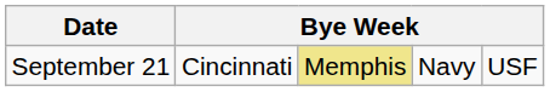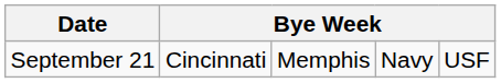 <table class="wikitable" style="font-size:95%;">
 <tr>
 <th>Date</th>
 <th colspan="4">Bye Week</th>
 </tr>
 <tr>
 <td>September 21</td>
 <td>Cincinnati</td>
-<td style="background: khaki;">Memphis</td>
+<td>Memphis</td>
 <td>Navy</td>
 <td>USF</td>
 </tr>
 </table>
